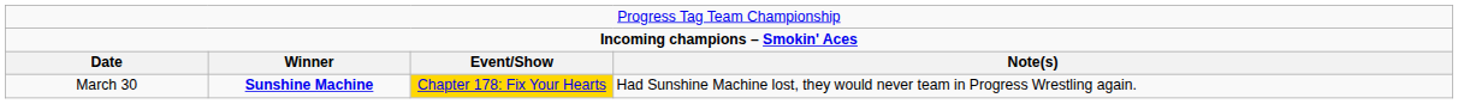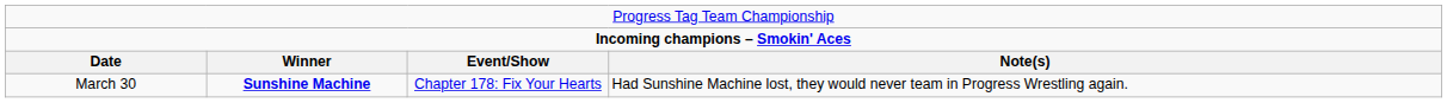 <table class="wikitable" style="text-align:center; width:100%;">
 <tr>
 <td colspan="4" style="text-align: center;"><a href='#'>Progress Tag Team Championship</a></td>
 </tr>
 <tr>
 <td colspan="4" style="text-align: center;"><strong>Incoming champions – <a href='#'>Smokin' Aces </a></strong></td>
 </tr>
 <tr>
 <th width=14%>Date</th>
 <th width=14%>Winner</th>
 <th width=14%>Event/Show</th>
 <th width=58%>Note(s)</th>
 </tr>
 <tr>
 <td>March 30</td>
 <td><strong><a href='#'>Sunshine Machine<br></a></strong></td>
-<td style="background: gold;"><a href='#'>Chapter 178: Fix Your Hearts</a></td>
+<td><a href='#'>Chapter 178: Fix Your Hearts</a></td>
 <td align=left>Had Sunshine Machine lost, they would never team in Progress Wrestling again.</td>
 </tr>
 </table>
